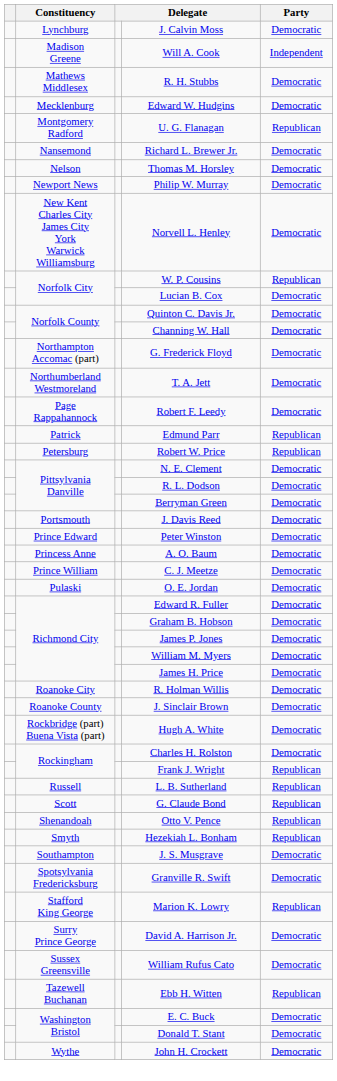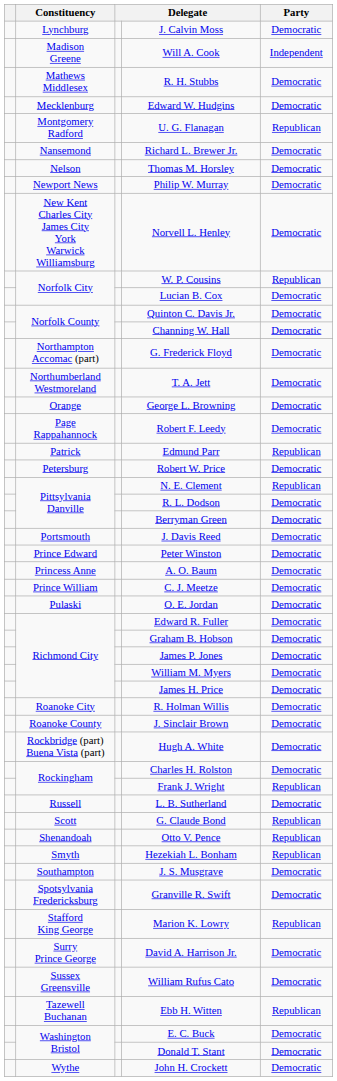 <table class="wikitable" style="text-align:center">
 <tr>
 <th width="10px"></th>
 <th width="140px">Constituency</th>
 <th colspan=2 width="210px">Delegate</th>
 <th width="100px">Party</th>
 </tr>
 <tr>
 <td style="background-color:"></td>
 <td><a href='#'>Lynchburg</a></td>
 <td></td>
 <td><a href='#'>J. Calvin Moss</a></td>
 <td><a href='#'>Democratic</a></td>
 </tr>
 <tr>
 <td style="background-color:"></td>
 <td><a href='#'>Madison</a><br><a href='#'>Greene</a></td>
 <td></td>
 <td><a href='#'>Will A. Cook</a></td>
 <td><a href='#'>Independent</a></td>
 </tr>
 <tr>
 <td style="background-color:"></td>
 <td><a href='#'>Mathews</a><br><a href='#'>Middlesex</a></td>
 <td></td>
 <td><a href='#'>R. H. Stubbs</a></td>
 <td><a href='#'>Democratic</a></td>
 </tr>
 <tr>
 <td style="background-color:"></td>
 <td><a href='#'>Mecklenburg</a></td>
 <td></td>
 <td><a href='#'>Edward W. Hudgins</a></td>
 <td><a href='#'>Democratic</a></td>
 </tr>
 <tr>
 <td style="background-color:"></td>
 <td><a href='#'>Montgomery</a><br><a href='#'>Radford</a></td>
 <td></td>
 <td><a href='#'>U. G. Flanagan</a></td>
 <td><a href='#'>Republican</a></td>
 </tr>
 <tr>
 <td style="background-color:"></td>
 <td><a href='#'>Nansemond</a></td>
 <td></td>
 <td><a href='#'>Richard L. Brewer Jr.</a></td>
 <td><a href='#'>Democratic</a></td>
 </tr>
 <tr>
 <td style="background-color:"></td>
 <td><a href='#'>Nelson</a></td>
 <td></td>
 <td><a href='#'>Thomas M. Horsley</a></td>
 <td><a href='#'>Democratic</a></td>
 </tr>
 <tr>
 <td style="background-color:"></td>
 <td><a href='#'>Newport News</a></td>
 <td></td>
 <td><a href='#'>Philip W. Murray</a></td>
 <td><a href='#'>Democratic</a></td>
 </tr>
 <tr>
 <td style="background-color:"></td>
 <td><a href='#'>New Kent</a><br><a href='#'>Charles City</a><br><a href='#'>James City</a><br><a href='#'>York</a><br><a href='#'>Warwick</a><br><a href='#'>Williamsburg</a></td>
 <td></td>
 <td><a href='#'>Norvell L. Henley</a></td>
 <td><a href='#'>Democratic</a></td>
 </tr>
 <tr>
 <td style="background-color:"></td>
 <td rowspan="2"><a href='#'>Norfolk City</a></td>
 <td></td>
 <td><a href='#'>W. P. Cousins</a></td>
 <td><a href='#'>Republican</a></td>
 </tr>
 <tr>
 <td style="background-color:"></td>
 <td></td>
 <td><a href='#'>Lucian B. Cox</a></td>
 <td><a href='#'>Democratic</a></td>
 </tr>
 <tr>
 <td style="background-color:"></td>
 <td rowspan="2"><a href='#'>Norfolk County</a></td>
 <td></td>
 <td><a href='#'>Quinton C. Davis Jr.</a></td>
 <td><a href='#'>Democratic</a></td>
 </tr>
 <tr>
 <td style="background-color:"></td>
 <td></td>
 <td><a href='#'>Channing W. Hall</a></td>
 <td><a href='#'>Democratic</a></td>
 </tr>
 <tr>
 <td style="background-color:"></td>
 <td><a href='#'>Northampton</a><br><a href='#'>Accomac</a> (part)</td>
 <td></td>
 <td><a href='#'>G. Frederick Floyd</a></td>
 <td><a href='#'>Democratic</a></td>
 </tr>
 <tr>
 <td style="background-color:"></td>
 <td><a href='#'>Northumberland</a><br><a href='#'>Westmoreland</a></td>
 <td></td>
 <td><a href='#'>T. A. Jett</a></td>
 <td><a href='#'>Democratic</a></td>
 </tr>
 <tr>
 <td style="background-color:"></td>
+<td><a href='#'>Orange</a></td>
+<td></td>
+<td><a href='#'>George L. Browning</a></td>
+<td><a href='#'>Democratic</a></td>
+</tr>
+<tr>
+<td style="background-color:"></td>
 <td><a href='#'>Page</a><br><a href='#'>Rappahannock</a></td>
 <td></td>
 <td><a href='#'>Robert F. Leedy</a></td>
 <td><a href='#'>Democratic</a></td>
 </tr>
 <tr>
 <td style="background-color:"></td>
 <td><a href='#'>Patrick</a></td>
 <td></td>
 <td><a href='#'>Edmund Parr</a></td>
 <td><a href='#'>Republican</a></td>
 </tr>
 <tr>
 <td style="background-color:"></td>
 <td><a href='#'>Petersburg</a></td>
 <td></td>
 <td><a href='#'>Robert W. Price</a></td>
-<td><a href='#'>Republican</a></td>
+<td><a href='#'>Democratic</a></td>
 </tr>
 <tr>
 <td style="background-color:"></td>
 <td rowspan="3"><a href='#'>Pittsylvania</a><br><a href='#'>Danville</a></td>
 <td></td>
 <td><a href='#'>N. E. Clement</a></td>
-<td><a href='#'>Democratic</a></td>
+<td><a href='#'>Republican</a></td>
 </tr>
 <tr>
 <td style="background-color:"></td>
 <td></td>
 <td><a href='#'>R. L. Dodson</a></td>
 <td><a href='#'>Democratic</a></td>
 </tr>
 <tr>
 <td style="background-color:"></td>
 <td></td>
 <td><a href='#'>Berryman Green</a></td>
 <td><a href='#'>Democratic</a></td>
 </tr>
 <tr>
 <td style="background-color:"></td>
 <td><a href='#'>Portsmouth</a></td>
 <td></td>
 <td><a href='#'>J. Davis Reed</a></td>
 <td><a href='#'>Democratic</a></td>
 </tr>
 <tr>
 <td style="background-color:"></td>
 <td><a href='#'>Prince Edward</a></td>
 <td></td>
 <td><a href='#'>Peter Winston</a></td>
 <td><a href='#'>Democratic</a></td>
 </tr>
 <tr>
 <td style="background-color:"></td>
 <td><a href='#'>Princess Anne</a></td>
 <td></td>
 <td><a href='#'>A. O. Baum</a></td>
 <td><a href='#'>Democratic</a></td>
 </tr>
 <tr>
 <td style="background-color:"></td>
 <td><a href='#'>Prince William</a></td>
 <td></td>
 <td><a href='#'>C. J. Meetze</a></td>
 <td><a href='#'>Democratic</a></td>
 </tr>
 <tr>
 <td style="background-color:"></td>
 <td><a href='#'>Pulaski</a></td>
 <td></td>
 <td><a href='#'>O. E. Jordan</a></td>
 <td><a href='#'>Democratic</a></td>
 </tr>
 <tr>
 <td style="background-color:"></td>
 <td rowspan="5"><a href='#'>Richmond City</a></td>
 <td></td>
 <td><a href='#'>Edward R. Fuller</a></td>
 <td><a href='#'>Democratic</a></td>
 </tr>
 <tr>
 <td style="background-color:"></td>
 <td></td>
 <td><a href='#'>Graham B. Hobson</a></td>
 <td><a href='#'>Democratic</a></td>
 </tr>
 <tr>
 <td style="background-color:"></td>
 <td></td>
 <td><a href='#'>James P. Jones</a></td>
 <td><a href='#'>Democratic</a></td>
 </tr>
 <tr>
 <td style="background-color:"></td>
 <td></td>
 <td><a href='#'>William M. Myers</a></td>
 <td><a href='#'>Democratic</a></td>
 </tr>
 <tr>
 <td style="background-color:"></td>
 <td></td>
 <td><a href='#'>James H. Price</a></td>
 <td><a href='#'>Democratic</a></td>
 </tr>
 <tr>
 <td style="background-color:"></td>
 <td><a href='#'>Roanoke City</a></td>
 <td></td>
 <td><a href='#'>R. Holman Willis</a></td>
 <td><a href='#'>Democratic</a></td>
 </tr>
 <tr>
 <td style="background-color:"></td>
 <td><a href='#'>Roanoke County</a></td>
 <td></td>
 <td><a href='#'>J. Sinclair Brown</a></td>
 <td><a href='#'>Democratic</a></td>
 </tr>
 <tr>
 <td style="background-color:"></td>
 <td><a href='#'>Rockbridge</a> (part)<br><a href='#'>Buena Vista</a> (part)</td>
 <td></td>
 <td><a href='#'>Hugh A. White</a></td>
 <td><a href='#'>Democratic</a></td>
 </tr>
 <tr>
 <td style="background-color:"></td>
 <td rowspan="2"><a href='#'>Rockingham</a></td>
 <td></td>
 <td><a href='#'>Charles H. Rolston</a></td>
 <td><a href='#'>Democratic</a></td>
 </tr>
 <tr>
 <td style="background-color:"></td>
 <td></td>
 <td><a href='#'>Frank J. Wright</a></td>
 <td><a href='#'>Republican</a></td>
 </tr>
 <tr>
 <td style="background-color:"></td>
 <td><a href='#'>Russell</a></td>
 <td></td>
 <td><a href='#'>L. B. Sutherland</a></td>
-<td><a href='#'>Republican</a></td>
+<td><a href='#'>Democratic</a></td>
 </tr>
 <tr>
 <td style="background-color:"></td>
 <td><a href='#'>Scott</a></td>
 <td></td>
 <td><a href='#'>G. Claude Bond</a></td>
 <td><a href='#'>Republican</a></td>
 </tr>
 <tr>
 <td style="background-color:"></td>
 <td><a href='#'>Shenandoah</a></td>
 <td></td>
 <td><a href='#'>Otto V. Pence</a></td>
 <td><a href='#'>Republican</a></td>
 </tr>
 <tr>
 <td style="background-color:"></td>
 <td><a href='#'>Smyth</a></td>
 <td></td>
 <td><a href='#'>Hezekiah L. Bonham</a></td>
 <td><a href='#'>Republican</a></td>
 </tr>
 <tr>
 <td style="background-color:"></td>
 <td><a href='#'>Southampton</a></td>
 <td></td>
 <td><a href='#'>J. S. Musgrave</a></td>
 <td><a href='#'>Democratic</a></td>
 </tr>
 <tr>
 <td style="background-color:"></td>
 <td><a href='#'>Spotsylvania</a><br><a href='#'>Fredericksburg</a></td>
 <td></td>
 <td><a href='#'>Granville R. Swift</a></td>
 <td><a href='#'>Democratic</a></td>
 </tr>
 <tr>
 <td style="background-color:"></td>
 <td><a href='#'>Stafford</a><br><a href='#'>King George</a></td>
 <td></td>
 <td><a href='#'>Marion K. Lowry</a></td>
 <td><a href='#'>Republican</a></td>
 </tr>
 <tr>
 <td style="background-color:"></td>
 <td><a href='#'>Surry</a><br><a href='#'>Prince George</a></td>
 <td></td>
 <td><a href='#'>David A. Harrison Jr.</a></td>
 <td><a href='#'>Democratic</a></td>
 </tr>
 <tr>
 <td style="background-color:"></td>
 <td><a href='#'>Sussex</a><br><a href='#'>Greensville</a></td>
 <td></td>
 <td><a href='#'>William Rufus Cato</a></td>
 <td><a href='#'>Democratic</a></td>
 </tr>
 <tr>
 <td style="background-color:"></td>
 <td><a href='#'>Tazewell</a><br><a href='#'>Buchanan</a></td>
 <td></td>
 <td><a href='#'>Ebb H. Witten</a></td>
 <td><a href='#'>Republican</a></td>
 </tr>
 <tr>
 <td style="background-color:"></td>
 <td rowspan="2"><a href='#'>Washington</a><br><a href='#'>Bristol</a></td>
 <td></td>
 <td><a href='#'>E. C. Buck</a></td>
 <td><a href='#'>Democratic</a></td>
 </tr>
 <tr>
 <td style="background-color:"></td>
 <td></td>
 <td><a href='#'>Donald T. Stant</a></td>
 <td><a href='#'>Democratic</a></td>
 </tr>
 <tr>
 <td style="background-color:"></td>
 <td><a href='#'>Wythe</a></td>
 <td></td>
 <td><a href='#'>John H. Crockett</a></td>
 <td><a href='#'>Democratic</a></td>
 </tr>
 </table>
